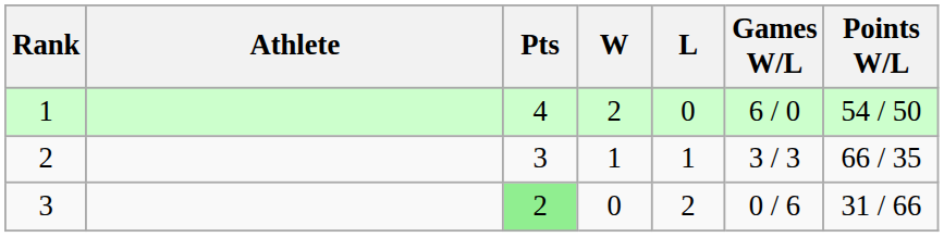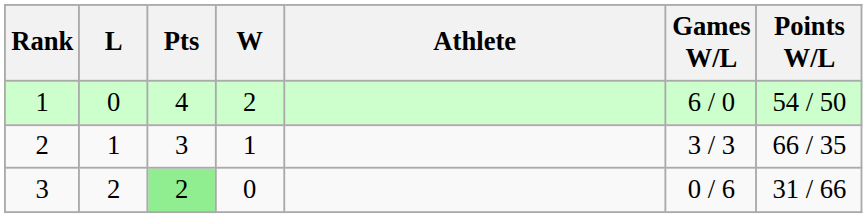 <table class="wikitable" style="text-align: center; font-size:90% ">
 <tr>
 <th width="20">Rank</th>
-<th width="200">Athlete</th>
+<th width="30">L</th>
 <th width="30">Pts</th>
 <th width="30">W</th>
-<th width="30">L</th>
+<th width="200">Athlete</th>
 <th width="40">Games<br>W/L</th>
 <th width="50">Points<br>W/L</th>
 </tr>
 <tr bgcolor=#ccffcc>
 <td>1</td>
-<td align=left></td>
+<td>0</td>
 <td>4</td>
 <td>2</td>
-<td>0</td>
+<td align=left></td>
 <td>6 / 0</td>
 <td>54 / 50</td>
 </tr>
 <tr>
 <td>2</td>
-<td align=left></td>
+<td>1</td>
 <td>3</td>
 <td>1</td>
-<td>1</td>
+<td align=left></td>
 <td>3 / 3</td>
 <td>66 / 35</td>
 </tr>
 <tr>
 <td>3</td>
-<td align=left></td>
+<td>2</td>
 <td style="background: lightgreen;">2</td>
 <td>0</td>
-<td>2</td>
+<td align=left></td>
 <td>0 / 6</td>
 <td>31 / 66</td>
 </tr>
 </table>
